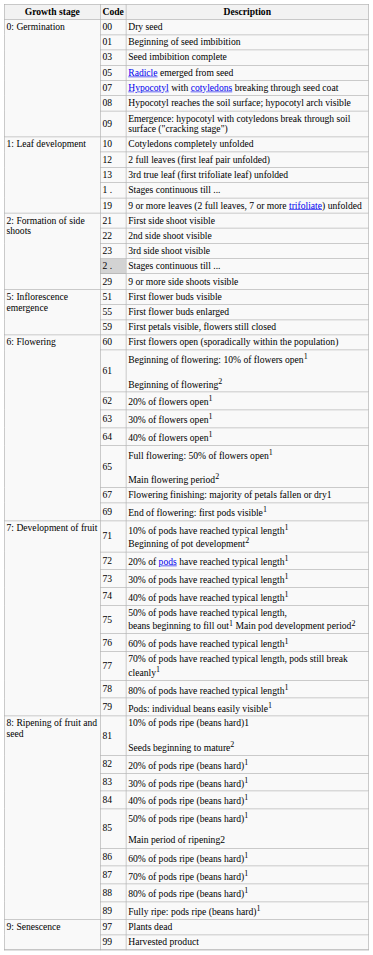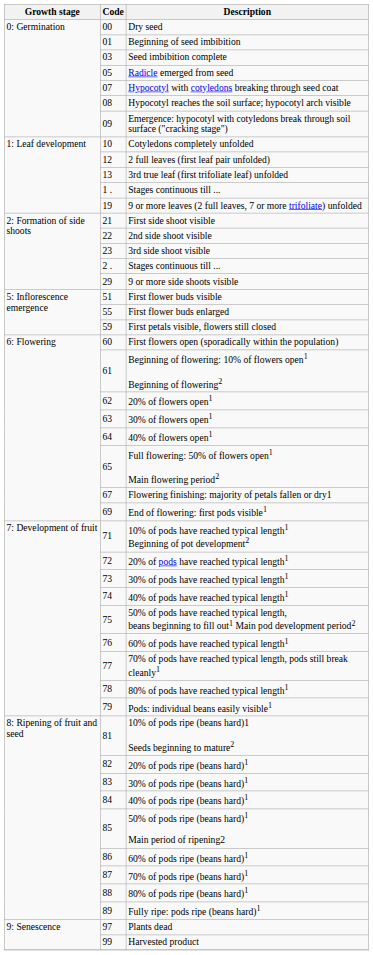 <table class="wikitable" style="clear">
 <tr>
 <th>Growth stage</th>
 <th>Code</th>
 <th>Description</th>
 </tr>
 <tr>
 <td rowspan="7" style="vertical-align:top">0: Germination</td>
 <td>00</td>
 <td>Dry seed</td>
 </tr>
 <tr>
 <td>01</td>
 <td>Beginning of seed imbibition</td>
 </tr>
 <tr>
 <td>03</td>
 <td>Seed imbibition complete</td>
 </tr>
 <tr>
 <td>05</td>
 <td><a href='#'>Radicle</a> emerged from seed</td>
 </tr>
 <tr>
 <td>07</td>
 <td><a href='#'>Hypocotyl</a> with <a href='#'>cotyledons</a> breaking through seed coat</td>
 </tr>
 <tr>
 <td>08</td>
 <td>Hypocotyl reaches the soil surface; hypocotyl arch visible</td>
 </tr>
 <tr>
 <td>09</td>
 <td>Emergence: hypocotyl with cotyledons break through soil surface ("cracking stage")</td>
 </tr>
 <tr>
 <td rowspan="5" style="vertical-align:top">1: Leaf development</td>
 <td>10</td>
 <td>Cotyledons completely unfolded</td>
 </tr>
 <tr>
 <td>12</td>
 <td>2 full leaves (first leaf pair unfolded)</td>
 </tr>
 <tr>
 <td>13</td>
 <td>3rd true leaf (first trifoliate leaf) unfolded</td>
 </tr>
 <tr>
 <td>1 .</td>
 <td>Stages continuous till ...</td>
 </tr>
 <tr>
 <td>19</td>
 <td>9 or more leaves (2 full leaves, 7 or more <a href='#'>trifoliate</a>) unfolded</td>
 </tr>
 <tr>
 <td rowspan="5" style="vertical-align:top">2: Formation of side shoots</td>
 <td>21</td>
 <td>First side shoot visible</td>
 </tr>
 <tr>
 <td>22</td>
 <td>2nd side shoot visible</td>
 </tr>
 <tr>
 <td>23</td>
 <td>3rd side shoot visible</td>
 </tr>
 <tr>
-<td style="background: lightgrey;">2 .</td>
+<td>2 .</td>
 <td>Stages continuous till ...</td>
 </tr>
 <tr>
 <td>29</td>
 <td>9 or more side shoots visible</td>
 </tr>
 <tr>
 <td rowspan="3" style="vertical-align:top">5: Inflorescence emergence</td>
 <td>51</td>
 <td>First flower buds visible</td>
 </tr>
 <tr>
 <td>55</td>
 <td>First flower buds enlarged</td>
 </tr>
 <tr>
 <td>59</td>
 <td>First petals visible, flowers still closed</td>
 </tr>
 <tr>
 <td rowspan="8" style="vertical-align:top">6: Flowering</td>
 <td>60</td>
 <td>First flowers open (sporadically within the population)</td>
 </tr>
 <tr>
 <td>61</td>
 <td>Beginning of flowering: 10% of flowers open<sup>1</sup><br><br>Beginning of flowering<sup>2</sup></td>
 </tr>
 <tr>
 <td>62</td>
 <td>20% of flowers open<sup>1</sup></td>
 </tr>
 <tr>
 <td>63</td>
 <td>30% of flowers open<sup>1</sup></td>
 </tr>
 <tr>
 <td>64</td>
 <td>40% of flowers open<sup>1</sup></td>
 </tr>
 <tr>
 <td>65</td>
 <td>Full flowering: 50% of flowers open<sup>1</sup> <br><br>Main flowering period<sup>2</sup></td>
 </tr>
 <tr>
 <td>67</td>
 <td>Flowering finishing: majority of petals fallen or dry1</td>
 </tr>
 <tr>
 <td>69</td>
 <td>End of flowering: first pods visible<sup>1</sup></td>
 </tr>
 <tr>
 <td rowspan="9" style="vertical-align:top">7: Development of fruit</td>
 <td>71</td>
 <td>10% of pods have reached typical length<sup>1</sup><br>Beginning of pot development<sup>2</sup></td>
 </tr>
 <tr>
 <td>72</td>
 <td>20% of <a href='#'>pods</a> have reached typical length<sup>1</sup></td>
 </tr>
 <tr>
 <td>73</td>
 <td>30% of pods have reached typical length<sup>1</sup></td>
 </tr>
 <tr>
 <td>74</td>
 <td>40% of pods have reached typical length<sup>1</sup></td>
 </tr>
 <tr>
 <td>75</td>
 <td>50% of pods have reached typical length,<br>beans beginning to fill out<sup>1</sup> Main pod development period<sup>2</sup></td>
 </tr>
 <tr>
 <td>76</td>
 <td>60% of pods have reached typical length<sup>1</sup></td>
 </tr>
 <tr>
 <td>77</td>
 <td>70% of pods have reached typical length, pods still break cleanly<sup>1</sup></td>
 </tr>
 <tr>
 <td>78</td>
 <td>80% of pods have reached typical length<sup>1</sup></td>
 </tr>
 <tr>
 <td>79</td>
 <td>Pods: individual beans easily visible<sup>1</sup></td>
 </tr>
 <tr>
 <td rowspan="9" style="vertical-align:top">8: Ripening of fruit and seed</td>
 <td>81</td>
 <td>10% of pods ripe (beans hard)1<br><br>Seeds beginning to mature<sup>2</sup></td>
 </tr>
 <tr>
 <td>82</td>
 <td>20% of pods ripe (beans hard)<sup>1</sup></td>
 </tr>
 <tr>
 <td>83</td>
 <td>30% of pods ripe (beans hard)<sup>1</sup></td>
 </tr>
 <tr>
 <td>84</td>
 <td>40% of pods ripe (beans hard)<sup>1</sup></td>
 </tr>
 <tr>
 <td>85</td>
 <td>50% of pods ripe (beans hard)<sup>1</sup><br><br>Main period of ripening2</td>
 </tr>
 <tr>
 <td>86</td>
 <td>60% of pods ripe (beans hard)<sup>1</sup></td>
 </tr>
 <tr>
 <td>87</td>
 <td>70% of pods ripe (beans hard)<sup>1</sup></td>
 </tr>
 <tr>
 <td>88</td>
 <td>80% of pods ripe (beans hard)<sup>1</sup></td>
 </tr>
 <tr>
 <td>89</td>
 <td>Fully ripe: pods ripe (beans hard)<sup>1</sup></td>
 </tr>
 <tr>
 <td rowspan="2" style="vertical-align:top">9: Senescence</td>
 <td>97</td>
 <td>Plants dead</td>
 </tr>
 <tr>
 <td>99</td>
 <td>Harvested product</td>
 </tr>
 <tr>
 </tr>
 </table>
